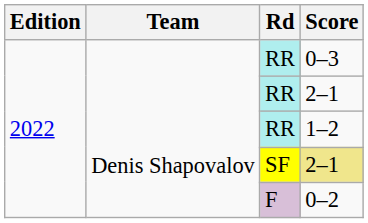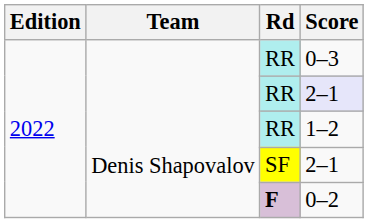 <table class="wikitable sortable">
 <tr>
 <th scope="col" class="unsortable">Edition</th>
 <th scope="col" class="unsortable">Team</th>
 <th scope="col">Rd</th>
 <th scope="col" class="unsortable">Score</th>
 </tr>
 <tr>
 <td rowspan="5"><a href='#'>2022</a></td>
 <td rowspan="5"><br><br><br>Denis Shapovalov</td>
 <td bgcolor=afeeee data-sort-value="1R">RR</td>
 <td> 0–3 </td>
 </tr>
 <tr>
 <td bgcolor=afeeee data-sort-value="1R">RR</td>
-<td> 2–1 </td>
+<td style="background: lavender;"> 2–1 </td>
 </tr>
 <tr>
 <td bgcolor=afeeee data-sort-value="1R">RR</td>
 <td> 1–2 </td>
 </tr>
 <tr>
 <td bgcolor=yellow data-sort-value="7R">SF</td>
-<td style="background: khaki;"> 2–1 </td>
+<td> 2–1 </td>
 </tr>
 <tr>
-<td bgcolor=thistle data-sort-value="8R">F</td>
+<td bgcolor=thistle data-sort-value="8R"><strong>F</strong></td>
 <td> 0–2 </td>
 </tr>
 </table>
